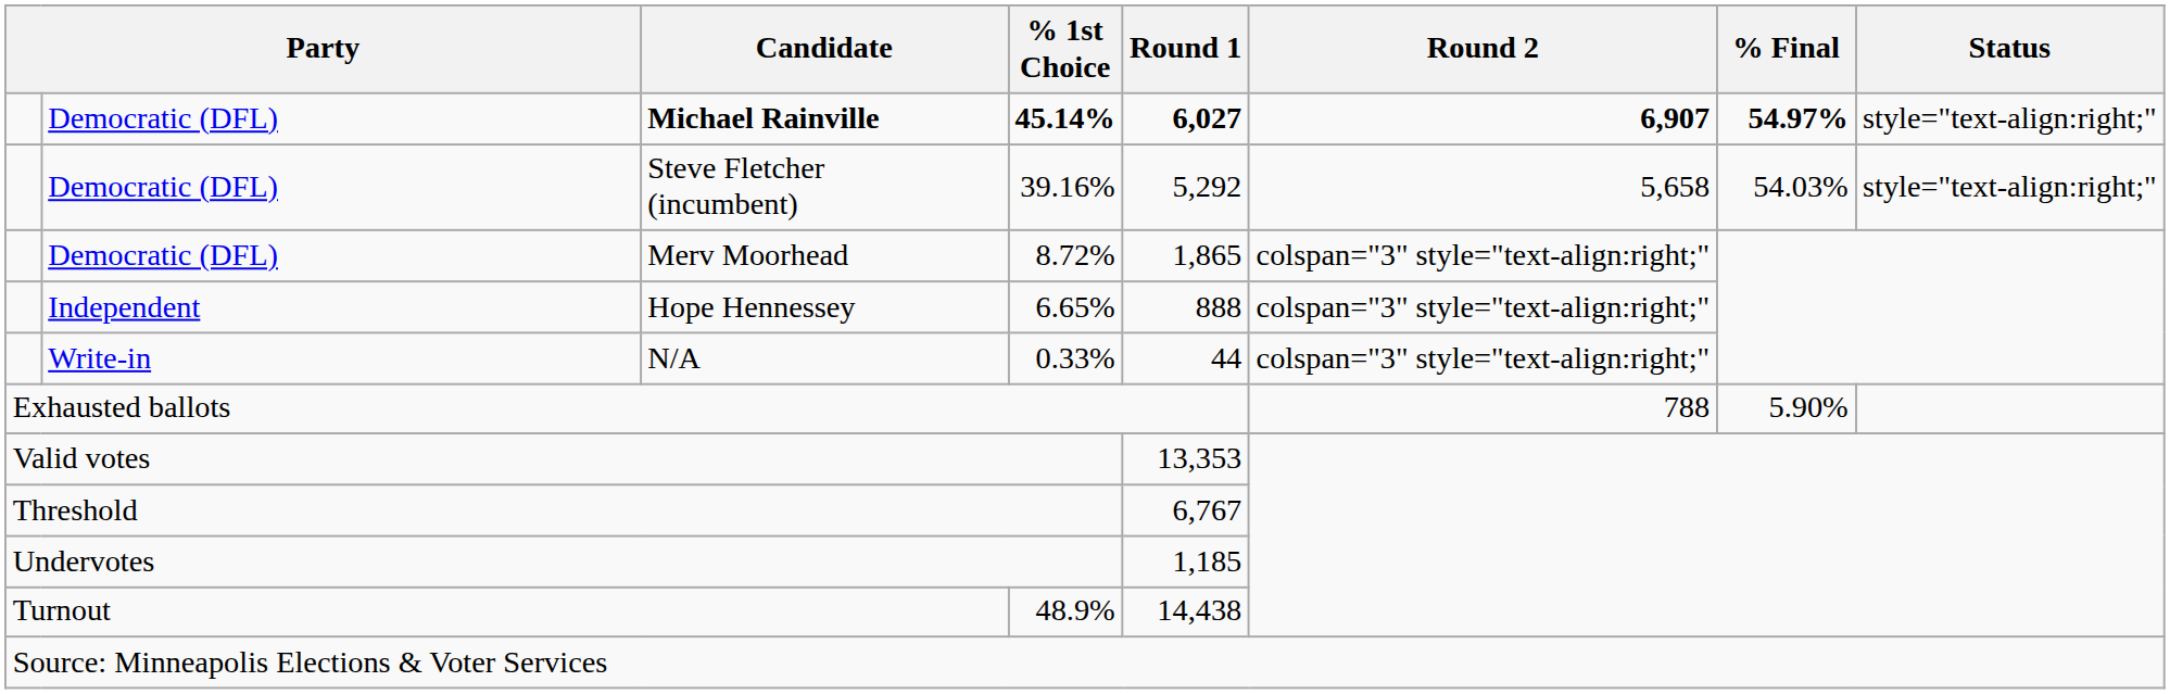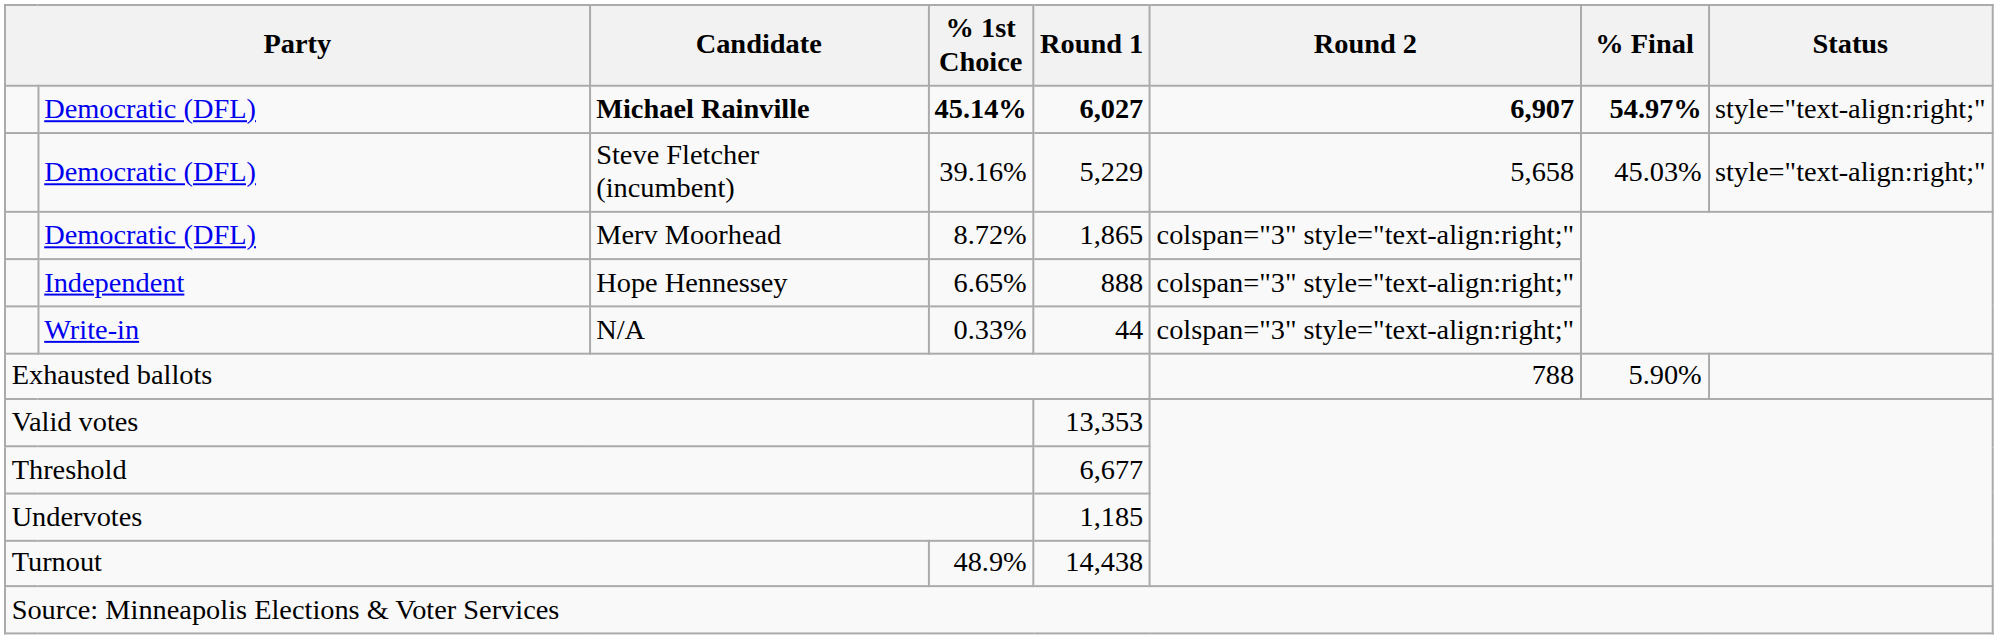 <table class="wikitable" style="font-size: 90%;">
 <tr>
 <th colspan="2" style="width:290px">Party</th>
 <th style="width:165px">Candidate</th>
 <th>% 1st<br>Choice</th>
 <th>Round 1</th>
 <th>Round 2</th>
 <th style="width:58px;">% Final</th>
 <th>Status</th>
 </tr>
 <tr>
 <td style="background-color:"></td>
 <td><a href='#'>Democratic (DFL)</a></td>
 <td><strong>Michael Rainville</strong></td>
 <td align="right"><strong>45.14%</strong></td>
 <td align="right"><strong>6,027</strong></td>
 <td align="right"><strong>6,907</strong></td>
 <td align="right"><strong>54.97%</strong></td>
 <td>style="text-align:right;" </td>
 </tr>
 <tr>
 <td style="background-color:"></td>
 <td><a href='#'>Democratic (DFL)</a></td>
 <td>Steve Fletcher<br> (incumbent)</td>
 <td align="right">39.16%</td>
-<td align="right">5,292</td>
+<td align="right">5,229</td>
 <td align="right">5,658</td>
-<td align="right">54.03%</td>
+<td align="right">45.03%</td>
 <td>style="text-align:right;" </td>
 </tr>
 <tr>
 <td style="background-color:"></td>
 <td><a href='#'>Democratic (DFL)</a></td>
 <td>Merv Moorhead</td>
 <td align="right">8.72%</td>
 <td align="right">1,865</td>
 <td>colspan="3" style="text-align:right;" </td>
 </tr>
 <tr>
 <td style="background-color:"></td>
 <td><a href='#'>Independent</a></td>
 <td>Hope Hennessey</td>
 <td align="right">6.65%</td>
 <td align="right">888</td>
 <td>colspan="3" style="text-align:right;" </td>
 </tr>
 <tr>
 <td style="background-color:"></td>
 <td><a href='#'>Write-in</a></td>
 <td>N/A</td>
 <td align="right">0.33%</td>
 <td align="right">44</td>
 <td>colspan="3" style="text-align:right;" </td>
 </tr>
 <tr>
 <td colspan="5">Exhausted ballots</td>
 <td align="right">788</td>
 <td align="right">5.90%</td>
 <td></td>
 </tr>
 <tr>
 <td colspan="4">Valid votes</td>
 <td align="right">13,353</td>
 <td colspan="3" rowspan="4"></td>
 </tr>
 <tr>
 <td colspan="4">Threshold</td>
-<td align="right">6,767</td>
+<td align="right">6,677</td>
 </tr>
 <tr>
 <td colspan="4">Undervotes</td>
 <td align="right">1,185</td>
 </tr>
 <tr>
 <td colspan="3">Turnout</td>
 <td align="right">48.9%</td>
 <td align="right">14,438</td>
 </tr>
 <tr>
 <td colspan="9">Source: Minneapolis Elections & Voter Services</td>
 </tr>
 </table>
